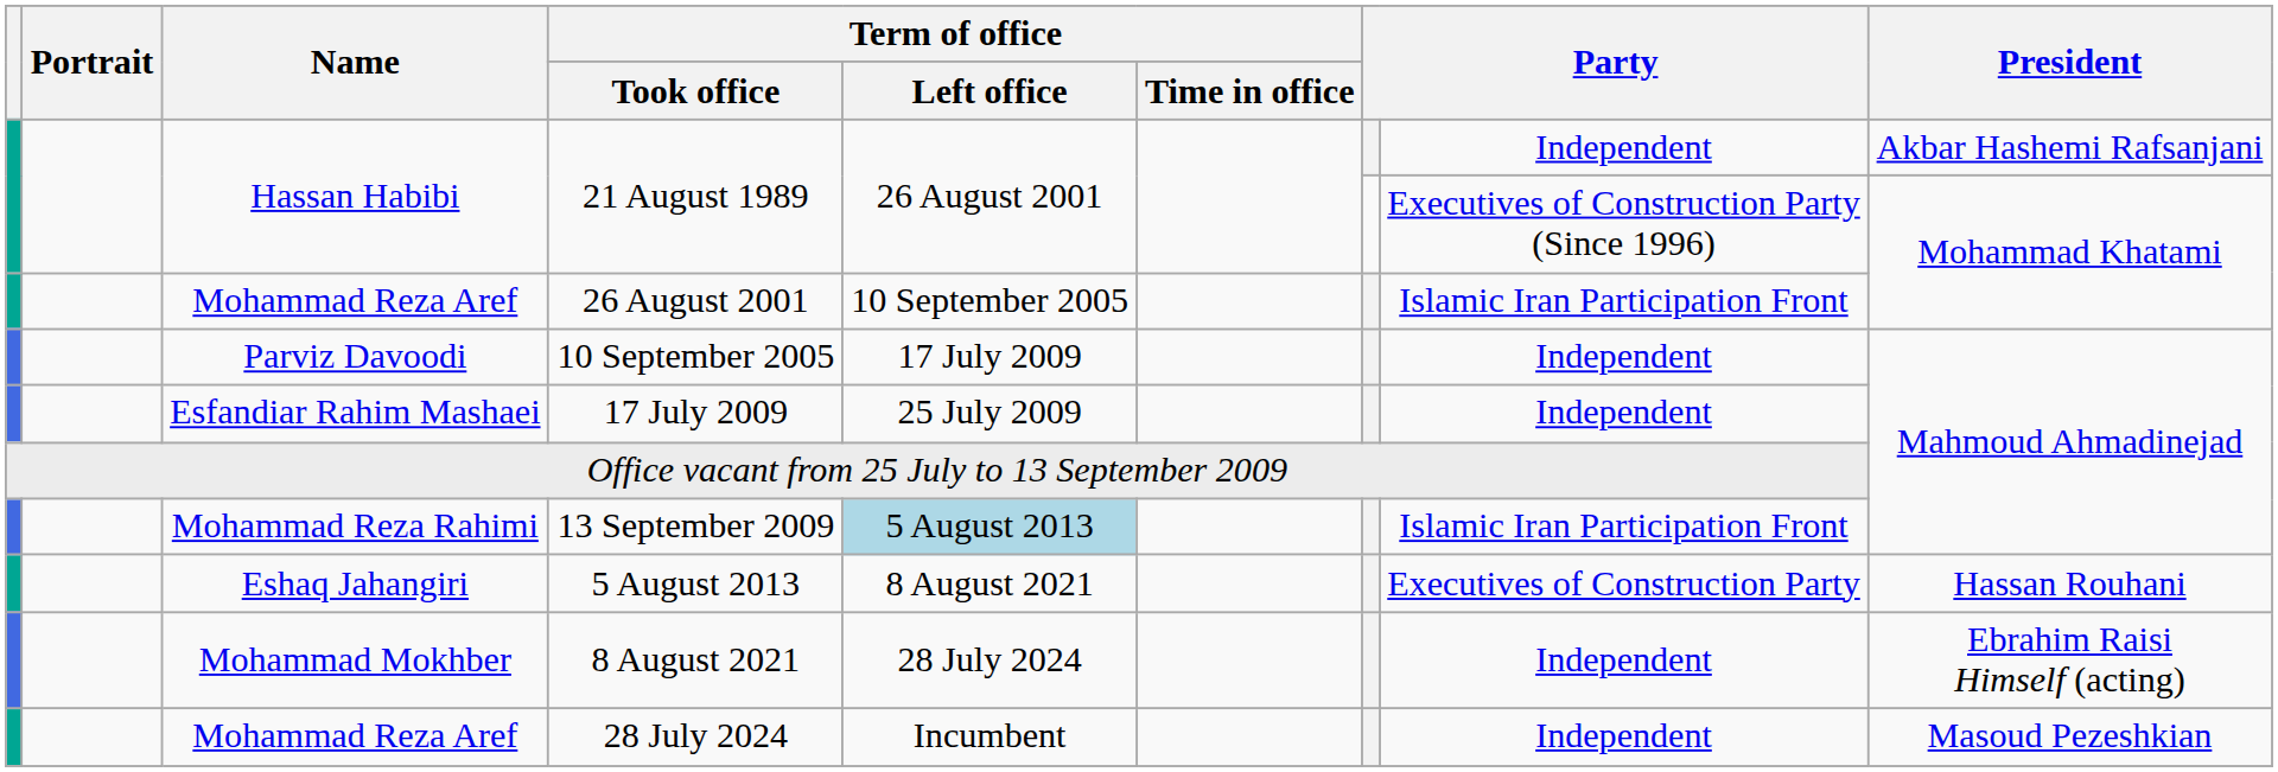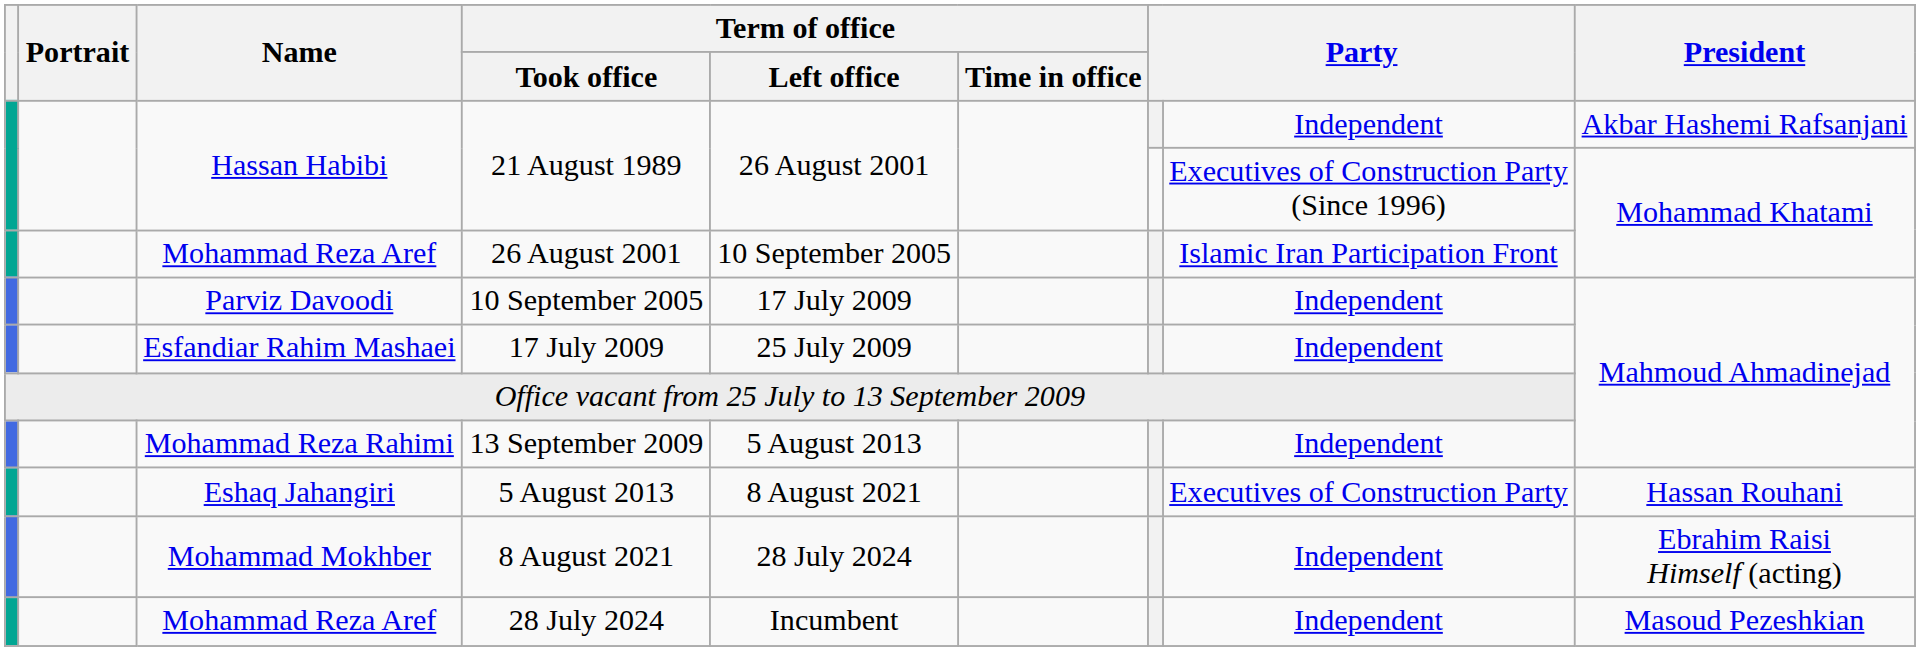 <table class="wikitable" style="text-align:center">
 <tr>
 <th rowspan=2></th>
 <th rowspan=2>Portrait</th>
 <th rowspan=2>Name<br></th>
 <th colspan=3>Term of office</th>
 <th colspan=2 rowspan=2><a href='#'>Party</a></th>
 <th rowspan=2><a href='#'>President</a></th>
 </tr>
 <tr>
 <th>Took office</th>
 <th>Left office</th>
 <th>Time in office</th>
 </tr>
 <tr>
 <th style="background-color: #00A693" rowspan="3"></th>
 <td rowspan="3"></td>
 <td rowspan="3"><a href='#'>Hassan Habibi</a><br></td>
 <td rowspan="3">21 August 1989</td>
 <td rowspan="3">26 August 2001</td>
 <td rowspan="3"></td>
 <th style="background:"></th>
 <td><a href='#'>Independent</a></td>
 <td rowspan="2"><a href='#'>Akbar Hashemi Rafsanjani</a></td>
 </tr>
 <tr>
 <td rowspan="2" style="background:"></td>
 <td rowspan="2"><a href='#'>Executives of Construction Party</a><br>(Since 1996)</td>
 </tr>
 <tr>
 <td rowspan="2"><a href='#'>Mohammad Khatami</a></td>
 </tr>
 <tr>
 <th style="background-color: #00A693"></th>
 <td></td>
 <td><a href='#'>Mohammad Reza Aref</a><br></td>
 <td>26 August 2001</td>
 <td>10 September 2005</td>
 <td></td>
 <th style="background:"></th>
 <td><a href='#'>Islamic Iran Participation Front</a></td>
 </tr>
 <tr>
 <th style="background-color: #4169E1"></th>
 <td></td>
 <td><a href='#'>Parviz Davoodi</a><br></td>
 <td>10 September 2005</td>
 <td>17 July 2009</td>
 <td></td>
 <th style="background:"></th>
 <td><a href='#'>Independent</a></td>
 <td rowspan="4"><a href='#'>Mahmoud Ahmadinejad</a></td>
 </tr>
 <tr>
 <th style="background-color: #4169E1"></th>
 <td></td>
 <td><a href='#'>Esfandiar Rahim Mashaei</a><br></td>
 <td>17 July 2009</td>
 <td>25 July 2009</td>
 <td></td>
 <th style="background:"></th>
 <td><a href='#'>Independent</a></td>
 </tr>
 <tr>
 <td style="background-color: #ececec" colspan=8><em>Office vacant from 25 July to 13 September 2009</em></td>
 </tr>
 <tr>
 <th style="background-color:#4169E1"></th>
 <td></td>
 <td><a href='#'>Mohammad Reza Rahimi</a><br></td>
 <td>13 September 2009</td>
-<td style="background: lightblue;">5 August 2013</td>
+<td>5 August 2013</td>
 <td></td>
 <th style="background:"></th>
-<td><a href='#'>Islamic Iran Participation Front</a></td>
+<td><a href='#'>Independent</a></td>
 </tr>
 <tr>
 <th style="background-color: #00A693"></th>
 <td></td>
 <td><a href='#'>Eshaq Jahangiri</a><br></td>
 <td>5 August 2013</td>
 <td>8 August 2021</td>
 <td></td>
 <th style="background:"></th>
 <td><a href='#'>Executives of Construction Party</a></td>
 <td><a href='#'>Hassan Rouhani</a></td>
 </tr>
 <tr>
 <th style="background-color:#4169E1"></th>
 <td></td>
 <td><a href='#'>Mohammad Mokhber</a><br></td>
 <td>8 August 2021</td>
 <td>28 July 2024</td>
 <td></td>
 <th style="background:"></th>
 <td><a href='#'>Independent</a></td>
 <td><a href='#'>Ebrahim Raisi</a><br><em>Himself</em> (acting)</td>
 </tr>
 <tr>
 <th style="background-color: #00A693"></th>
 <td></td>
 <td><a href='#'>Mohammad Reza Aref</a><br></td>
 <td>28 July 2024</td>
 <td>Incumbent</td>
 <td></td>
 <th style="background:"></th>
 <td><a href='#'>Independent</a></td>
 <td><a href='#'>Masoud Pezeshkian</a></td>
 </tr>
 </table>
